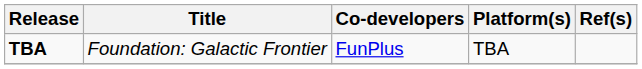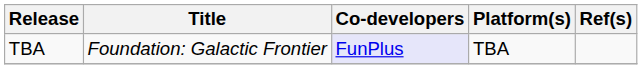 <table class="wikitable">
 <tr>
 <th>Release</th>
 <th>Title</th>
 <th>Co-developers</th>
 <th>Platform(s)</th>
 <th>Ref(s)</th>
 </tr>
 <tr>
-<td><strong>TBA</strong></td>
+<td>TBA</td>
 <td><em>Foundation: Galactic Frontier</em></td>
-<td><a href='#'>FunPlus</a></td>
+<td style="background: lavender;"><a href='#'>FunPlus</a></td>
 <td>TBA</td>
 <td></td>
 </tr>
 <tr>
 </tr>
 </table>
